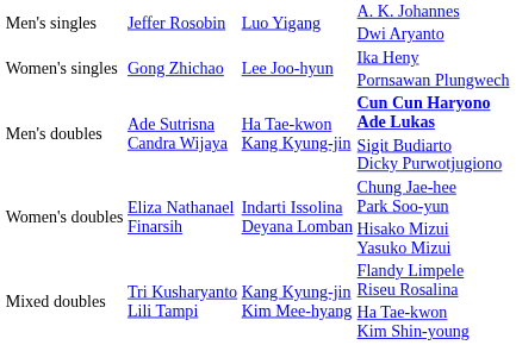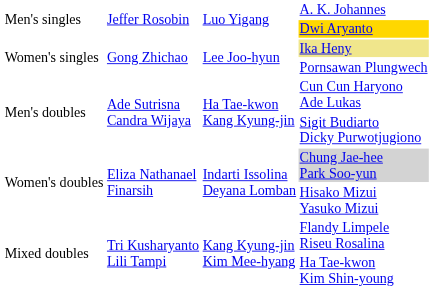 <table>
 <tr>
 <td rowspan="2">Men's singles</td>
 <td rowspan="2"> <a href='#'>Jeffer Rosobin</a></td>
 <td rowspan="2"> <a href='#'>Luo Yigang</a></td>
 <td> <a href='#'>A. K. Johannes</a></td>
 </tr>
 <tr>
-<td> <a href='#'>Dwi Aryanto</a></td>
+<td style="background: gold;"> <a href='#'>Dwi Aryanto</a></td>
 </tr>
 <tr>
 <td rowspan="2">Women's singles</td>
 <td rowspan="2"> <a href='#'>Gong Zhichao</a></td>
 <td rowspan="2"> <a href='#'>Lee Joo-hyun</a></td>
-<td> <a href='#'>Ika Heny</a></td>
+<td style="background: khaki;"> <a href='#'>Ika Heny</a></td>
 </tr>
 <tr>
 <td> <a href='#'>Pornsawan Plungwech</a></td>
 </tr>
 <tr>
 <td rowspan="2">Men's doubles</td>
 <td rowspan="2"> <a href='#'>Ade Sutrisna</a> <br>  <a href='#'>Candra Wijaya</a></td>
 <td rowspan="2"> <a href='#'>Ha Tae-kwon</a> <br>  <a href='#'>Kang Kyung-jin</a></td>
-<td><strong> <a href='#'>Cun Cun Haryono</a> <br>  <a href='#'>Ade Lukas</a></strong></td>
+<td> <a href='#'>Cun Cun Haryono</a> <br>  <a href='#'>Ade Lukas</a></td>
 </tr>
 <tr>
 <td> <a href='#'>Sigit Budiarto</a> <br>  <a href='#'>Dicky Purwotjugiono</a></td>
 </tr>
 <tr>
 <td rowspan="2">Women's doubles</td>
 <td rowspan="2"> <a href='#'>Eliza Nathanael</a> <br>  <a href='#'>Finarsih</a></td>
 <td rowspan="2"> <a href='#'>Indarti Issolina</a> <br>  <a href='#'>Deyana Lomban</a></td>
-<td> <a href='#'>Chung Jae-hee</a> <br>  <a href='#'>Park Soo-yun</a></td>
+<td style="background: lightgrey;"> <a href='#'>Chung Jae-hee</a> <br>  <a href='#'>Park Soo-yun</a></td>
 </tr>
 <tr>
 <td> <a href='#'>Hisako Mizui</a> <br>  <a href='#'>Yasuko Mizui</a></td>
 </tr>
 <tr>
 <td rowspan="2">Mixed doubles</td>
 <td rowspan="2"> <a href='#'>Tri Kusharyanto</a> <br>  <a href='#'>Lili Tampi</a></td>
 <td rowspan="2"> <a href='#'>Kang Kyung-jin</a> <br>  <a href='#'>Kim Mee-hyang</a></td>
 <td> <a href='#'>Flandy Limpele</a> <br>  <a href='#'>Riseu Rosalina</a></td>
 </tr>
 <tr>
 <td> <a href='#'>Ha Tae-kwon</a> <br>  <a href='#'>Kim Shin-young</a></td>
 </tr>
 </table>
